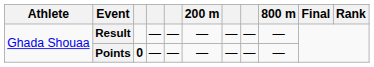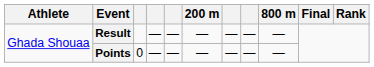 <table class="wikitable" style="font-size:90%">
 <tr>
 <th>Athlete</th>
 <th>Event</th>
 <th></th>
 <th></th>
 <th></th>
 <th>200 m</th>
 <th></th>
 <th></th>
 <th>800 m</th>
 <th>Final</th>
 <th>Rank</th>
 </tr>
 <tr align=center>
 <td align=left rowspan=2><a href='#'>Ghada Shouaa</a></td>
 <th style="font-size:95%">Result</th>
 <td></td>
 <td>—</td>
 <td>—</td>
 <td>—</td>
 <td>—</td>
 <td>—</td>
 <td>—</td>
 <td rowspan=2 colspan=2></td>
 </tr>
 <tr align=center>
 <th style="font-size:95%">Points</th>
-<td><strong>0</strong></td>
+<td>0</td>
 <td>—</td>
 <td>—</td>
 <td>—</td>
 <td>—</td>
 <td>—</td>
 <td>—</td>
 </tr>
 </table>
